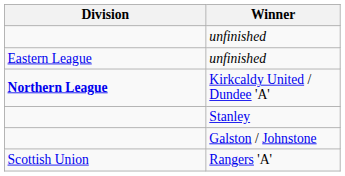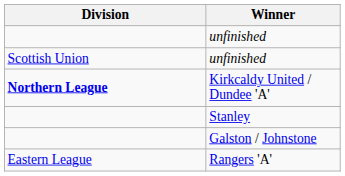 <table class="wikitable">
 <tr>
 <th width=230>Division</th>
 <th width=150>Winner</th>
 </tr>
 <tr>
 <td></td>
 <td><em>unfinished</em></td>
 </tr>
 <tr>
-<td><a href='#'>Eastern League</a></td>
+<td><a href='#'>Scottish Union</a></td>
 <td><em>unfinished</em></td>
 </tr>
 <tr>
 <td><strong><a href='#'>Northern League</a></strong></td>
 <td><a href='#'>Kirkcaldy United</a> / <a href='#'>Dundee</a> 'A'</td>
 </tr>
 <tr>
 <td></td>
 <td><a href='#'>Stanley</a></td>
 </tr>
 <tr>
 <td></td>
 <td><a href='#'>Galston</a> / <a href='#'>Johnstone</a></td>
 </tr>
 <tr>
-<td><a href='#'>Scottish Union</a></td>
+<td><a href='#'>Eastern League</a></td>
 <td><a href='#'>Rangers</a> 'A'</td>
 </tr>
 </table>
